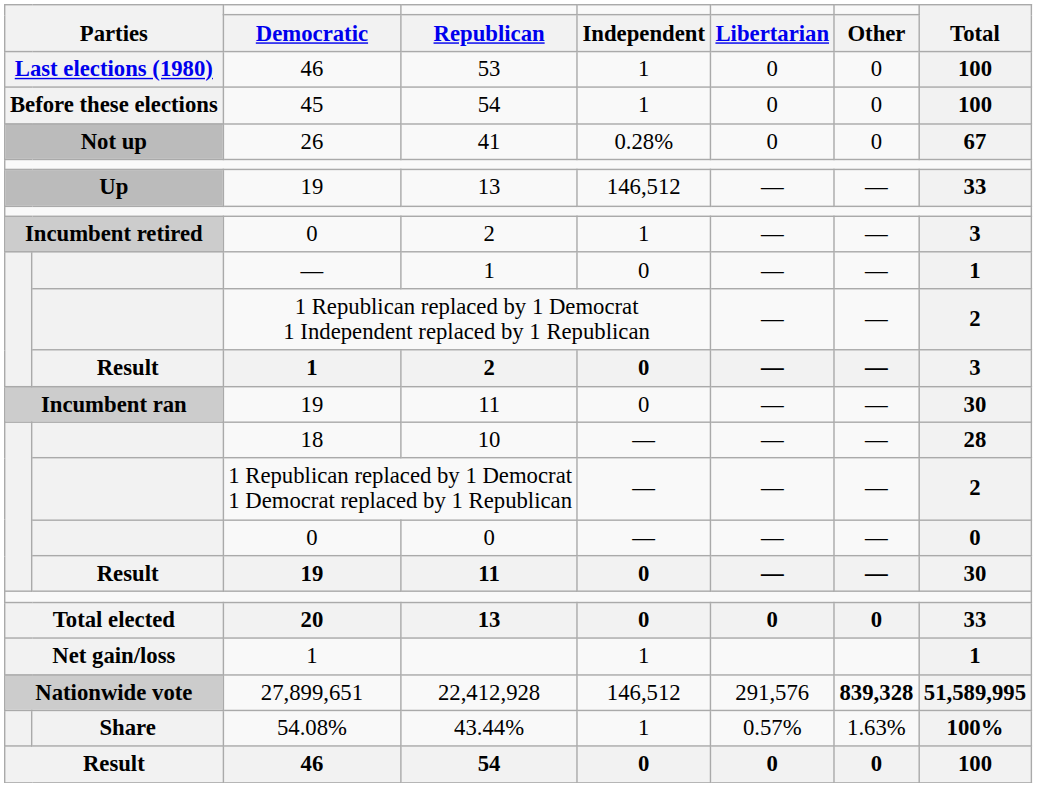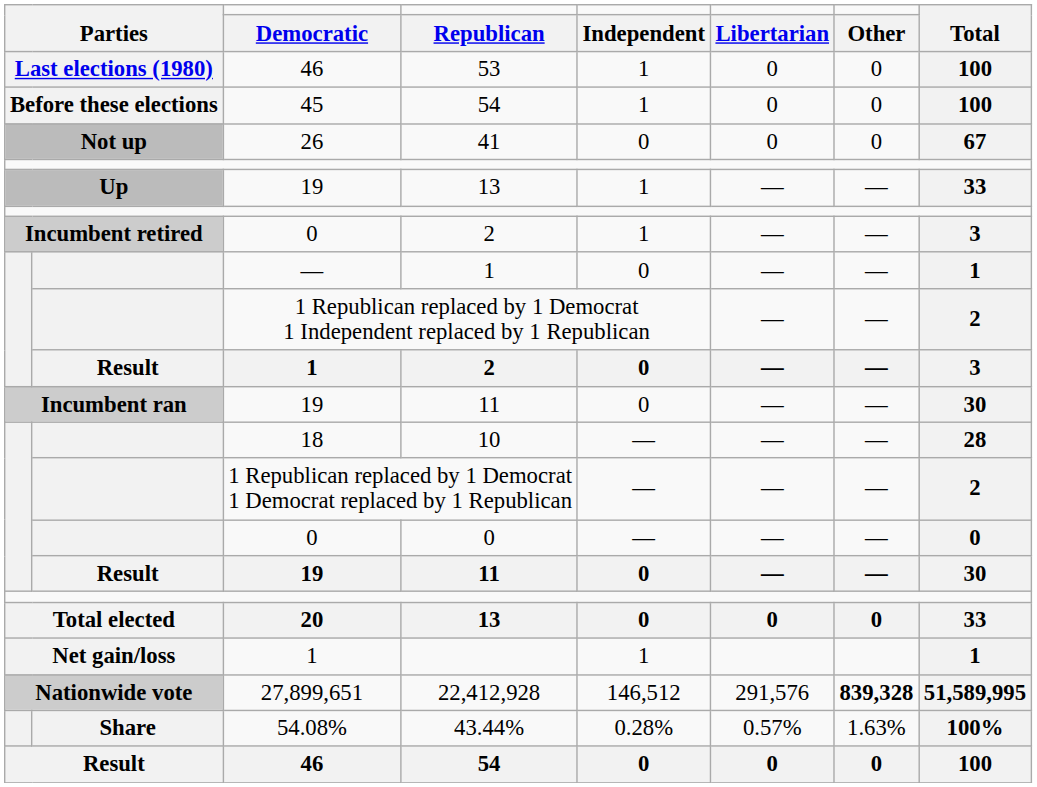 <table class=wikitable style=text-align:center>
 <tr valign=bottom>
 <th rowspan=2 colspan=2>Parties</th>
 <td style="background-color:"></td>
 <td style="background-color:"></td>
 <td style="background-color:"></td>
 <td style="background-color:"></td>
 <td style="background-color:"></td>
 <th rowspan=2>Total</th>
 </tr>
 <tr valign=bottom>
 <th><a href='#'>Democratic</a></th>
 <th><a href='#'>Republican</a></th>
 <th>Independent</th>
 <th><a href='#'>Libertarian</a></th>
 <th>Other</th>
 </tr>
 <tr>
 <th colspan=2><a href='#'>Last elections (1980)</a></th>
 <td>46</td>
 <td>53</td>
 <td>1</td>
 <td>0</td>
 <td>0</td>
 <th>100</th>
 </tr>
 <tr>
 <th colspan=2 class=small>Before these elections</th>
 <td>45</td>
 <td>54</td>
 <td>1</td>
 <td>0</td>
 <td>0</td>
 <th>100</th>
 </tr>
 <tr>
 <th colspan=2 style="background:#bbb">Not up</th>
 <td>26</td>
 <td>41</td>
-<td>0.28%</td>
+<td>0</td>
 <td>0</td>
 <td>0</td>
 <th>67</th>
 </tr>
 <tr>
 <td colspan=100></td>
 </tr>
 <tr>
 <th colspan=2 style="background:#bbb">Up<br></th>
 <td>19</td>
 <td>13</td>
-<td>146,512</td>
+<td>1</td>
 <td>—</td>
 <td>—</td>
 <th>33</th>
 </tr>
 <tr>
 <td colspan=100></td>
 </tr>
 <tr>
 <th colspan=2 style="background:#ccc">Incumbent retired</th>
 <td>0</td>
 <td>2</td>
 <td>1</td>
 <td>—</td>
 <td>—</td>
 <th>3</th>
 </tr>
 <tr>
 <th rowspan=3></th>
 <th></th>
 <td>—</td>
 <td>1</td>
 <td>0</td>
 <td>—</td>
 <td>—</td>
 <th>1</th>
 </tr>
 <tr>
 <th></th>
 <td colspan=3 > 1 Republican replaced by  1 Democrat<br> 1 Independent replaced by  1 Republican</td>
 <td>—</td>
 <td>—</td>
 <th>2</th>
 </tr>
 <tr>
 <th>Result</th>
 <th>1</th>
 <th>2</th>
 <th>0</th>
 <th>—</th>
 <th>—</th>
 <th>3</th>
 </tr>
 <tr>
 <th colspan=2 style="background:#ccc">Incumbent ran</th>
 <td>19</td>
 <td>11</td>
 <td>0</td>
 <td>—</td>
 <td>—</td>
 <th>30</th>
 </tr>
 <tr>
 <th rowspan=4></th>
 <th></th>
 <td>18</td>
 <td>10</td>
 <td>—</td>
 <td>—</td>
 <td>—</td>
 <th>28</th>
 </tr>
 <tr>
 <th></th>
 <td colspan=2> 1 Republican replaced by  1 Democrat<br> 1 Democrat replaced by  1 Republican</td>
 <td>—</td>
 <td>—</td>
 <td>—</td>
 <th>2</th>
 </tr>
 <tr>
 <th></th>
 <td>0</td>
 <td>0</td>
 <td>—</td>
 <td>—</td>
 <td>—</td>
 <th>0</th>
 </tr>
 <tr>
 <th>Result</th>
 <th>19</th>
 <th>11</th>
 <th>0</th>
 <th>—</th>
 <th>—</th>
 <th>30</th>
 </tr>
 <tr>
 <td colspan=100></td>
 </tr>
 <tr>
 <th colspan=2>Total elected</th>
 <th>20</th>
 <th>13</th>
 <th>0</th>
 <th>0</th>
 <th>0</th>
 <th>33</th>
 </tr>
 <tr>
 <th colspan=2>Net gain/loss</th>
 <td> 1</td>
 <td></td>
 <td> 1</td>
 <td></td>
 <td></td>
 <th>1</th>
 </tr>
 <tr>
 <th colspan=2 style="background:#ccc">Nationwide vote</th>
 <td>27,899,651</td>
 <td>22,412,928</td>
 <td>146,512</td>
 <td>291,576</td>
 <td><strong>839,328</strong></td>
 <th>51,589,995</th>
 </tr>
 <tr>
 <th></th>
 <th>Share</th>
 <td>54.08%</td>
 <td>43.44%</td>
-<td>1</td>
+<td>0.28%</td>
 <td>0.57%</td>
 <td>1.63%</td>
 <th>100%</th>
 </tr>
 <tr>
 <th colspan=2>Result</th>
 <th>46</th>
 <th>54</th>
 <th>0</th>
 <th>0</th>
 <th>0</th>
 <th>100</th>
 </tr>
 </table>
